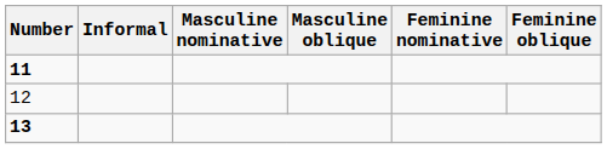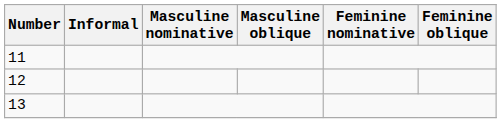 <table class="wikitable nowrap">
 <tr>
 <th>Number</th>
 <th>Informal</th>
 <th>Masculine<br>nominative</th>
 <th>Masculine<br>oblique</th>
 <th>Feminine<br>nominative</th>
 <th>Feminine<br>oblique</th>
 </tr>
 <tr>
-<td><strong>11</strong></td>
+<td>11</td>
 <td><em></em><br></td>
 <td colspan=2><em></em><br></td>
 <td colspan=2><em></em><br></td>
 </tr>
 <tr>
 <td>12</td>
 <td><em></em><br></td>
 <td><em></em><br></td>
 <td><em></em><br></td>
 <td><em></em><br></td>
 <td><em></em><br></td>
 </tr>
 <tr>
-<td><strong>13</strong></td>
+<td>13</td>
 <td><em></em><br></td>
 <td colspan=2><em></em><br></td>
 <td colspan=2><em></em><br></td>
 </tr>
 <tr>
 </tr>
 </table>
